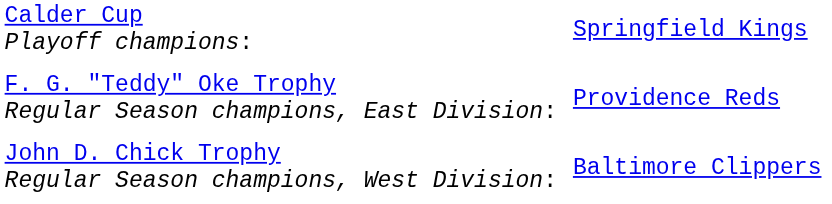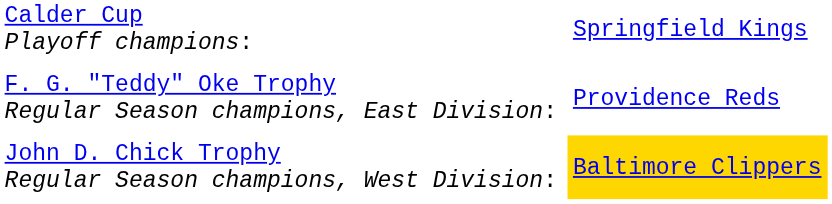 <table cellpadding="3" cellspacing="3">
 <tr>
 <td><a href='#'>Calder Cup</a><br><em>Playoff champions</em>:</td>
 <td><a href='#'>Springfield Kings</a></td>
 </tr>
 <tr>
 <td><a href='#'>F. G. "Teddy" Oke Trophy</a><br><em>Regular Season champions, East Division</em>:</td>
 <td><a href='#'>Providence Reds</a></td>
 </tr>
 <tr>
 <td><a href='#'>John D. Chick Trophy</a><br><em>Regular Season champions, West Division</em>:</td>
-<td><a href='#'>Baltimore Clippers</a></td>
+<td style="background: gold;"><a href='#'>Baltimore Clippers</a></td>
 </tr>
 </table>
